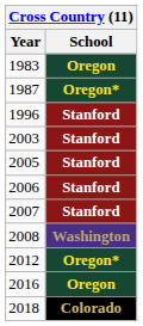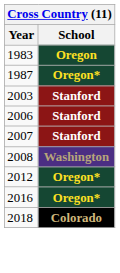 <table class="wikitable">
 <tr>
 <th colspan=2><a href='#'>Cross Country</a> (11)</th>
 </tr>
 <tr>
 <th>Year</th>
 <th>School</th>
 </tr>
 <tr>
 <td>1983</td>
 <th style="background:#154733; color:#FEE123;">Oregon</th>
 </tr>
 <tr>
 <td>1987</td>
 <th style="background:#154733; color:#FEE123;">Oregon*</th>
 </tr>
 <tr>
-<td>1996</td>
-<th style="background:#8C1515; color:#FFFFFF;">Stanford</th>
-</tr>
-<tr>
 <td>2003</td>
-<th style="background:#8C1515; color:#FFFFFF;">Stanford</th>
-</tr>
-<tr>
-<td>2005</td>
 <th style="background:#8C1515; color:#FFFFFF;">Stanford</th>
 </tr>
 <tr>
 <td>2006</td>
 <th style="background:#8C1515; color:#FFFFFF;">Stanford</th>
 </tr>
 <tr>
 <td>2007</td>
 <th style="background:#8C1515; color:#FFFFFF;">Stanford</th>
 </tr>
 <tr>
 <td>2008</td>
 <th style="background:#4B2E83; color:#B7A57A;">Washington</th>
 </tr>
 <tr>
 <td>2012</td>
 <th style="background:#154733; color:#FEE123;">Oregon*</th>
 </tr>
 <tr>
 <td>2016</td>
-<th style="background:#154733; color:#FEE123;">Oregon</th>
+<th style="background:#154733; color:#FEE123;">Oregon*</th>
 </tr>
 <tr>
 <td>2018</td>
 <th style="background:#000000; color:#CFB87C;">Colorado</th>
 </tr>
 </table>
